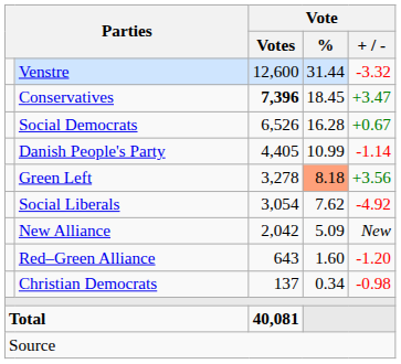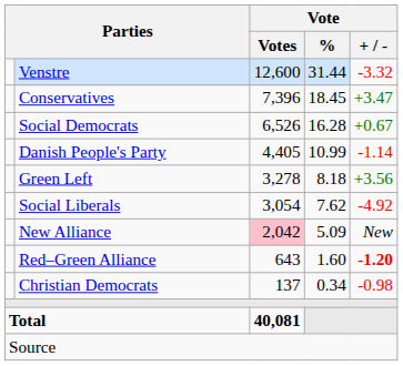 <table class="wikitable" style="text-align:right;">
 <tr>
 <th style="text-align:centre;" rowspan="2" colspan="2" width="225">Parties</th>
 <th colspan="3">Vote</th>
 </tr>
 <tr>
 <th width="15">Votes</th>
 <th width="15">%</th>
 <th width="15">+ / -</th>
 </tr>
 <tr>
 <td width="2" style="color:inherit;background:"></td>
 <td bgcolor=#cfe5fe  align="left"><a href='#'>Venstre</a></td>
 <td bgcolor=#cfe5fe>12,600</td>
 <td bgcolor=#cfe5fe>31.44</td>
 <td style=color:red;>-3.32</td>
 </tr>
 <tr>
 <td width="2" style="color:inherit;background:"></td>
 <td align="left"><a href='#'>Conservatives</a></td>
-<td><strong>7,396</strong></td>
+<td>7,396</td>
 <td>18.45</td>
 <td style=color:green;>+3.47</td>
 </tr>
 <tr>
 <td width="2" style="color:inherit;background:"></td>
 <td align="left"><a href='#'>Social Democrats</a></td>
 <td>6,526</td>
 <td>16.28</td>
 <td style=color:green;>+0.67</td>
 </tr>
 <tr>
 <td width="2" style="color:inherit;background:"></td>
 <td align="left"><a href='#'>Danish People's Party</a></td>
 <td>4,405</td>
 <td>10.99</td>
 <td style=color:red;>-1.14</td>
 </tr>
 <tr>
 <td width="2" style="color:inherit;background:"></td>
 <td align="left"><a href='#'>Green Left</a></td>
 <td>3,278</td>
-<td style="background: lightsalmon;">8.18</td>
+<td>8.18</td>
 <td style=color:green;>+3.56</td>
 </tr>
 <tr>
 <td width="2" style="color:inherit;background:"></td>
 <td align="left"><a href='#'>Social Liberals</a></td>
 <td>3,054</td>
 <td>7.62</td>
 <td style=color:red;>-4.92</td>
 </tr>
 <tr>
 <td width="2" style="color:inherit;background:"></td>
 <td align="left"><a href='#'>New Alliance</a></td>
-<td>2,042</td>
+<td style="background: pink;">2,042</td>
 <td>5.09</td>
 <td><em>New</em></td>
 </tr>
 <tr>
 <td width="2" style="color:inherit;background:"></td>
 <td align="left"><a href='#'>Red–Green Alliance</a></td>
 <td>643</td>
 <td>1.60</td>
-<td style=color:red;>-1.20</td>
+<td style=color:red;><strong>-1.20</strong></td>
 </tr>
 <tr>
 <td width="2" style="color:inherit;background:"></td>
 <td align="left"><a href='#'>Christian Democrats</a></td>
 <td>137</td>
 <td>0.34</td>
 <td style=color:red;>-0.98</td>
 </tr>
 <tr>
 <td colspan="7" bgcolor="#E9E9E9"></td>
 </tr>
 <tr>
 <td align="left" colspan="2"><strong>Total</strong></td>
 <td><strong>40,081</strong></td>
 <td bgcolor="#E9E9E9" colspan="2"></td>
 </tr>
 <tr>
 <td align="left" colspan="6">Source</td>
 </tr>
 </table>
